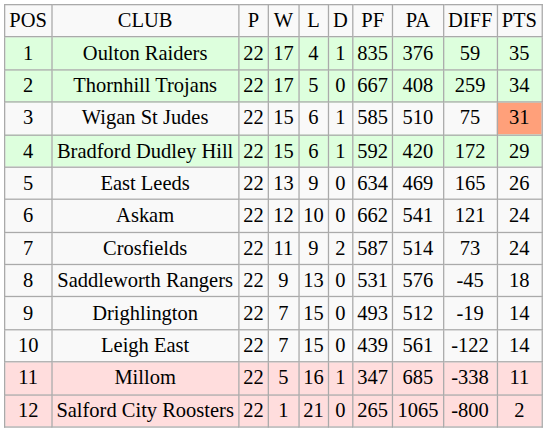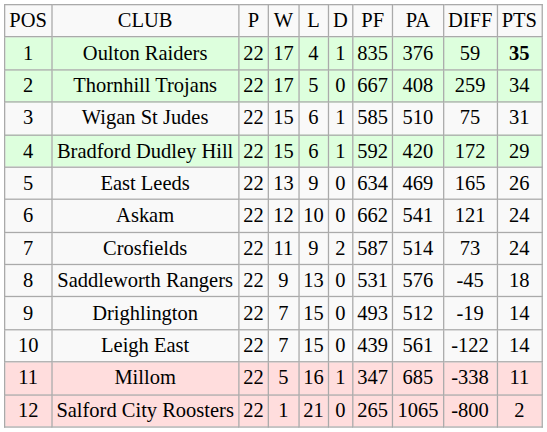 <table class="wikitable" style="text-align: center;">
 <tr>
 <td>POS</td>
 <td>CLUB</td>
 <td>P</td>
 <td>W</td>
 <td>L</td>
 <td>D</td>
 <td>PF</td>
 <td>PA</td>
 <td>DIFF</td>
 <td>PTS</td>
 </tr>
 <tr style="background:#ddffdd;">
 <td>1</td>
 <td>Oulton Raiders</td>
 <td>22</td>
 <td>17</td>
 <td>4</td>
 <td>1</td>
 <td>835</td>
 <td>376</td>
 <td>59</td>
-<td>35</td>
+<td><strong>35</strong></td>
 </tr>
 <tr style="background:#ddffdd;">
 <td>2</td>
 <td>Thornhill Trojans</td>
 <td>22</td>
 <td>17</td>
 <td>5</td>
 <td>0</td>
 <td>667</td>
 <td>408</td>
 <td>259</td>
 <td>34</td>
 </tr>
 <tr>
 <td>3</td>
 <td>Wigan St Judes</td>
 <td>22</td>
 <td>15</td>
 <td>6</td>
 <td>1</td>
 <td>585</td>
 <td>510</td>
 <td>75</td>
-<td style="background: lightsalmon;">31</td>
+<td>31</td>
 </tr>
 <tr style="background:#ddffdd;">
 <td>4</td>
 <td>Bradford Dudley Hill</td>
 <td>22</td>
 <td>15</td>
 <td>6</td>
 <td>1</td>
 <td>592</td>
 <td>420</td>
 <td>172</td>
 <td>29</td>
 </tr>
 <tr>
 <td>5</td>
 <td>East Leeds</td>
 <td>22</td>
 <td>13</td>
 <td>9</td>
 <td>0</td>
 <td>634</td>
 <td>469</td>
 <td>165</td>
 <td>26</td>
 </tr>
 <tr>
 <td>6</td>
 <td>Askam</td>
 <td>22</td>
 <td>12</td>
 <td>10</td>
 <td>0</td>
 <td>662</td>
 <td>541</td>
 <td>121</td>
 <td>24</td>
 </tr>
 <tr>
 <td>7</td>
 <td>Crosfields</td>
 <td>22</td>
 <td>11</td>
 <td>9</td>
 <td>2</td>
 <td>587</td>
 <td>514</td>
 <td>73</td>
 <td>24</td>
 </tr>
 <tr>
 <td>8</td>
 <td>Saddleworth Rangers</td>
 <td>22</td>
 <td>9</td>
 <td>13</td>
 <td>0</td>
 <td>531</td>
 <td>576</td>
 <td>-45</td>
 <td>18</td>
 </tr>
 <tr>
 <td>9</td>
 <td>Drighlington</td>
 <td>22</td>
 <td>7</td>
 <td>15</td>
 <td>0</td>
 <td>493</td>
 <td>512</td>
 <td>-19</td>
 <td>14</td>
 </tr>
 <tr>
 <td>10</td>
 <td>Leigh East</td>
 <td>22</td>
 <td>7</td>
 <td>15</td>
 <td>0</td>
 <td>439</td>
 <td>561</td>
 <td>-122</td>
 <td>14</td>
 </tr>
 <tr style="background:#ffdddd;">
 <td>11</td>
 <td>Millom</td>
 <td>22</td>
 <td>5</td>
 <td>16</td>
 <td>1</td>
 <td>347</td>
 <td>685</td>
 <td>-338</td>
 <td>11</td>
 </tr>
 <tr style="background:#ffdddd;">
 <td>12</td>
 <td>Salford City Roosters</td>
 <td>22</td>
 <td>1</td>
 <td>21</td>
 <td>0</td>
 <td>265</td>
 <td>1065</td>
 <td>-800</td>
 <td>2</td>
 </tr>
 </table>
